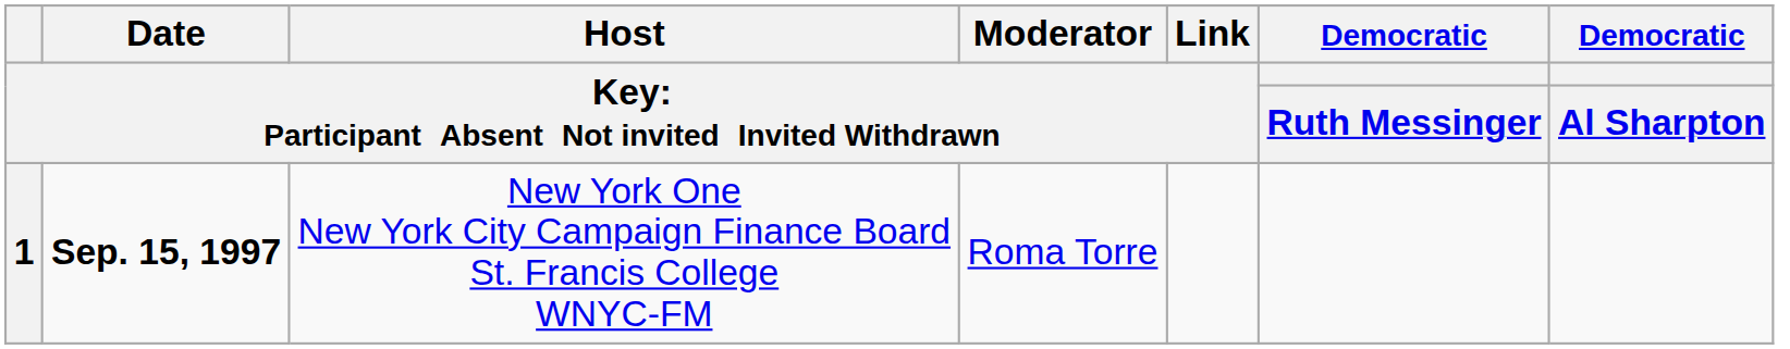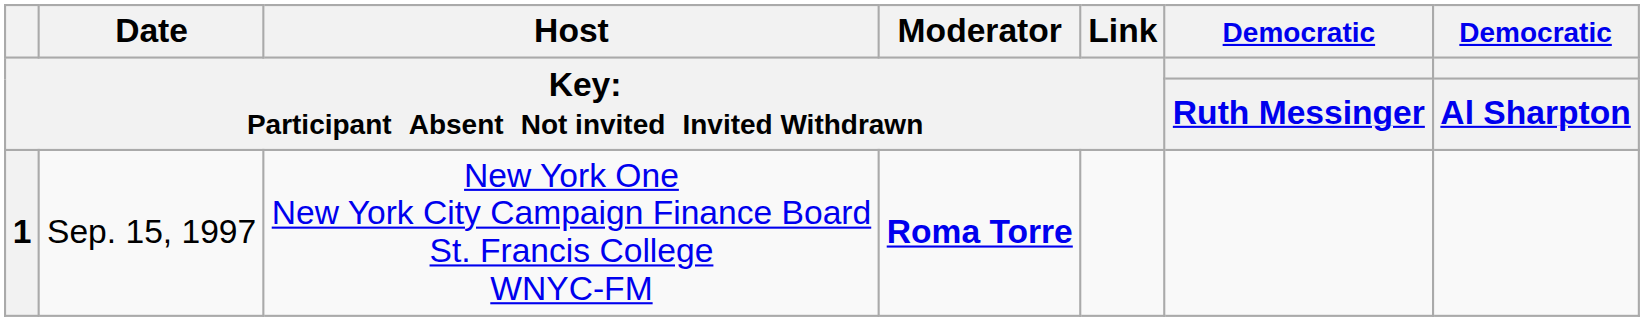 <table class="wikitable" style="text-align:center;">
 <tr>
 <th scope="col"></th>
 <th scope="col">Date</th>
 <th scope="col">Host</th>
 <th scope="col">Moderator</th>
 <th scope="col">Link</th>
 <th scope="col"><small><a href='#'>Democratic</a></small></th>
 <th scope="col"><small><a href='#'>Democratic</a></small></th>
 </tr>
 <tr>
 <th colspan="5" rowspan="2">Key:<br> <small>Participant </small>  <small>Absent </small>  <small>Not invited </small>  <small>Invited  Withdrawn</small></th>
 <th scope="col" style="background:"></th>
 <th scope="col" style="background:"></th>
 </tr>
 <tr>
 <th scope="col"><a href='#'>Ruth Messinger</a></th>
 <th scope="col"><a href='#'>Al Sharpton</a></th>
 </tr>
 <tr>
 <th>1</th>
-<td style="white-space:nowrap;"><strong>Sep. 15, 1997</strong></td>
+<td style="white-space:nowrap;">Sep. 15, 1997</td>
 <td style="white-space:nowrap;"><a href='#'>New York One</a><br><a href='#'>New York City Campaign Finance Board</a><br><a href='#'>St. Francis College</a><br><a href='#'>WNYC-FM</a></td>
-<td style="white-space:nowrap;"><a href='#'>Roma Torre</a></td>
+<td style="white-space:nowrap;"><strong><a href='#'>Roma Torre</a></strong></td>
 <td style="white-space:nowrap;"></td>
 <td></td>
 <td></td>
 </tr>
 </table>
